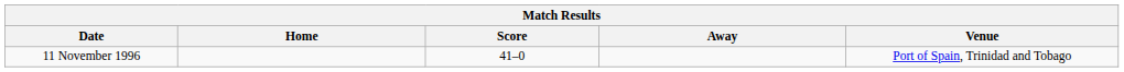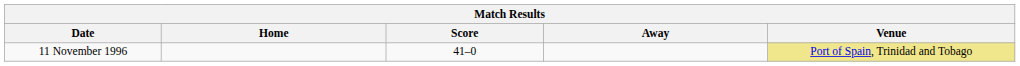 <table class="wikitable" style="font-size:90%; width: 100%; text-align: center;">
 <tr>
 <th colspan=5>Match Results</th>
 </tr>
 <tr>
 <th width=7%>Date</th>
 <th width=10%>Home</th>
 <th width=7%>Score</th>
 <th width=10%>Away</th>
 <th width=11%>Venue</th>
 </tr>
 <tr>
 <td>11 November 1996</td>
 <td></td>
 <td>41–0</td>
 <td></td>
-<td><a href='#'>Port of Spain</a>, Trinidad and Tobago</td>
+<td style="background: khaki;"><a href='#'>Port of Spain</a>, Trinidad and Tobago</td>
 </tr>
 </table>
